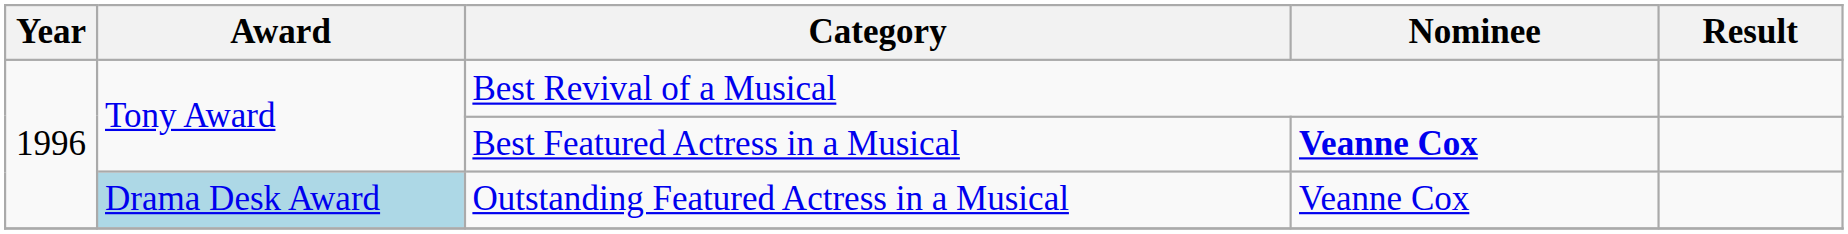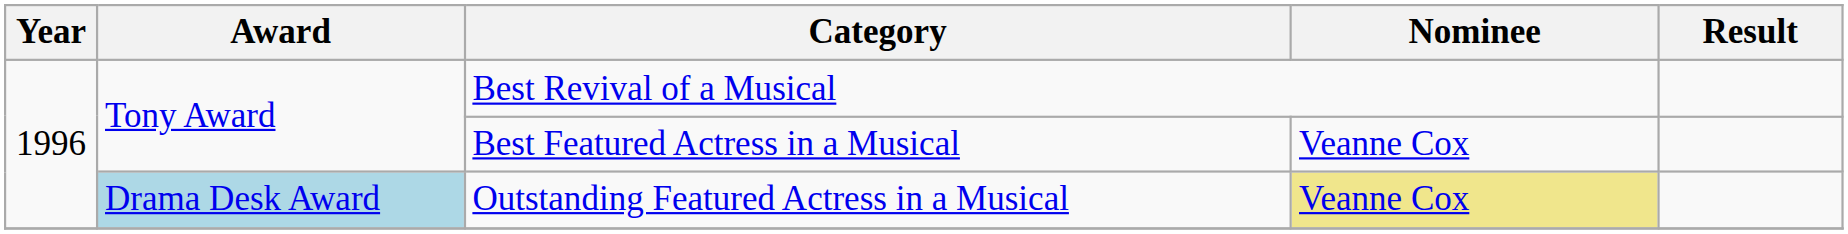 <table class="wikitable" width="95%">
 <tr>
 <th width="5%">Year</th>
 <th width="20%">Award</th>
 <th width="45%">Category</th>
 <th width="20%">Nominee</th>
 <th width="10%">Result</th>
 </tr>
 <tr>
 <td rowspan="3" align="center">1996</td>
 <td rowspan="2"><a href='#'>Tony Award</a></td>
 <td colspan="2"><a href='#'>Best Revival of a Musical</a></td>
 <td></td>
 </tr>
 <tr>
 <td><a href='#'>Best Featured Actress in a Musical</a></td>
-<td><strong><a href='#'>Veanne Cox</a></strong></td>
+<td><a href='#'>Veanne Cox</a></td>
 <td></td>
 </tr>
 <tr>
 <td style="background: lightblue;"><a href='#'>Drama Desk Award</a></td>
 <td><a href='#'>Outstanding Featured Actress in a Musical</a></td>
-<td><a href='#'>Veanne Cox</a></td>
+<td style="background: khaki;"><a href='#'>Veanne Cox</a></td>
 <td></td>
 </tr>
 <tr>
 </tr>
 </table>
